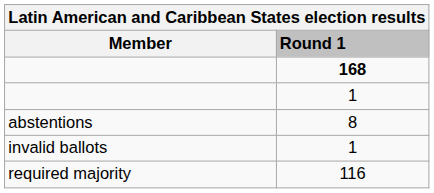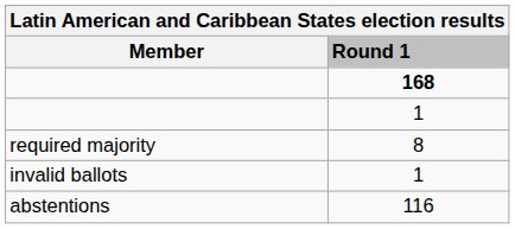 <table class="wikitable collapsible">
 <tr>
 <th colspan="2">Latin American and Caribbean States election results</th>
 </tr>
 <tr>
 <th>Member</th>
 <td style="background:silver;"><strong>Round 1</strong></td>
 </tr>
 <tr>
 <td></td>
 <td style="text-align:center;"><strong>168</strong></td>
 </tr>
 <tr>
 <td></td>
 <td style="text-align:center;">1</td>
 </tr>
 <tr>
-<td>abstentions</td>
+<td>required majority</td>
 <td style="text-align:center;">8</td>
 </tr>
 <tr>
 <td>invalid ballots</td>
 <td style="text-align:center;">1</td>
 </tr>
 <tr>
-<td>required majority</td>
+<td>abstentions</td>
 <td style="text-align:center;">116</td>
 </tr>
 </table>
